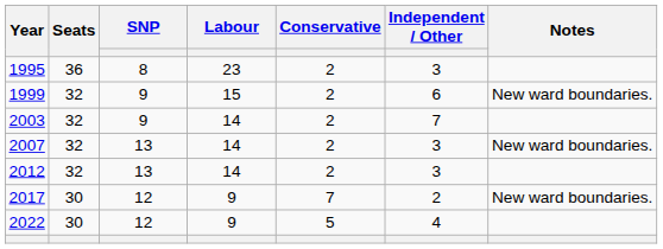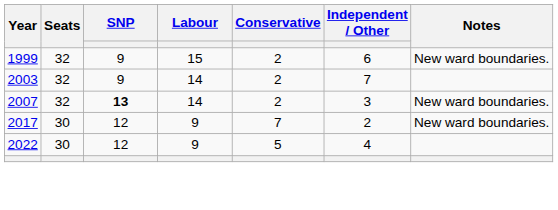 <table class="wikitable" style=text-align:center>
 <tr>
 <th rowspan=2><strong>Year</strong></th>
 <th rowspan=2><strong>Seats</strong></th>
 <th width="80"><a href='#'><strong>SNP</strong></a></th>
 <th width="80"><a href='#'><strong>Labour</strong></a></th>
 <th width="80"><a href='#'><strong>Conservative</strong></a></th>
 <th width="80"><a href='#'><strong>Independent / Other</strong></a></th>
 <th rowspan=2><strong>Notes</strong></th>
 </tr>
 <tr>
 <th style="background-color: "></th>
 <th style="background-color: "></th>
 <th style="background-color: "></th>
 <th style="background-color: "></th>
-</tr>
-<tr>
-<td><a href='#'>1995</a></td>
-<td>36</td>
-<td>8</td>
-<td>23</td>
-<td>2</td>
-<td>3</td>
-<td align=left></td>
 </tr>
 <tr>
 <td><a href='#'>1999</a></td>
 <td>32</td>
 <td>9</td>
 <td>15</td>
 <td>2</td>
 <td>6</td>
 <td align=left>New ward boundaries.</td>
 </tr>
 <tr>
 <td><a href='#'>2003</a></td>
 <td>32</td>
 <td>9</td>
 <td>14</td>
 <td>2</td>
 <td>7</td>
 <td align=left></td>
 </tr>
 <tr>
 <td><a href='#'>2007</a></td>
 <td>32</td>
-<td>13</td>
+<td><strong>13</strong></td>
 <td>14</td>
 <td>2</td>
 <td>3</td>
 <td align=left>New ward boundaries.</td>
-</tr>
-<tr>
-<td><a href='#'>2012</a></td>
-<td>32</td>
-<td>13</td>
-<td>14</td>
-<td>2</td>
-<td>3</td>
-<td align=left></td>
 </tr>
 <tr>
 <td><a href='#'>2017</a></td>
 <td>30</td>
 <td>12</td>
 <td>9</td>
 <td>7</td>
 <td>2</td>
 <td align=left>New ward boundaries.</td>
 </tr>
 <tr>
 <td><a href='#'>2022</a></td>
 <td>30</td>
 <td>12</td>
 <td>9</td>
 <td>5</td>
 <td>4</td>
 <td align=left></td>
 </tr>
 <tr>
 <th></th>
 <th></th>
 <th style="background-color: "></th>
 <th style="background-color: "></th>
 <th style="background-color: "></th>
 <th style="background-color: "></th>
 <th></th>
 </tr>
 </table>
